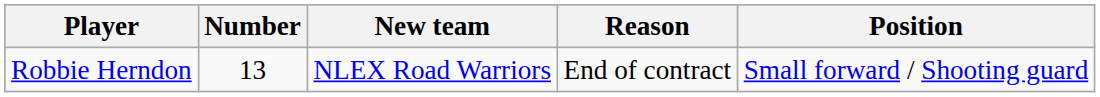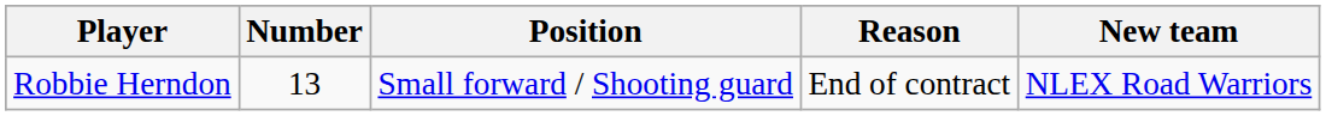 <table class="wikitable sortable sortable">
 <tr>
 <th>Player</th>
 <th>Number</th>
+<th>Position</th>
+<th>Reason</th>
 <th>New team</th>
-<th>Reason</th>
-<th>Position</th>
 </tr>
 <tr style="text-align: center">
 <td><a href='#'>Robbie Herndon</a></td>
 <td>13</td>
+<td><a href='#'>Small forward</a> / <a href='#'>Shooting guard</a></td>
+<td>End of contract</td>
 <td><a href='#'>NLEX Road Warriors</a></td>
-<td>End of contract</td>
-<td><a href='#'>Small forward</a> / <a href='#'>Shooting guard</a></td>
 </tr>
 </table>
